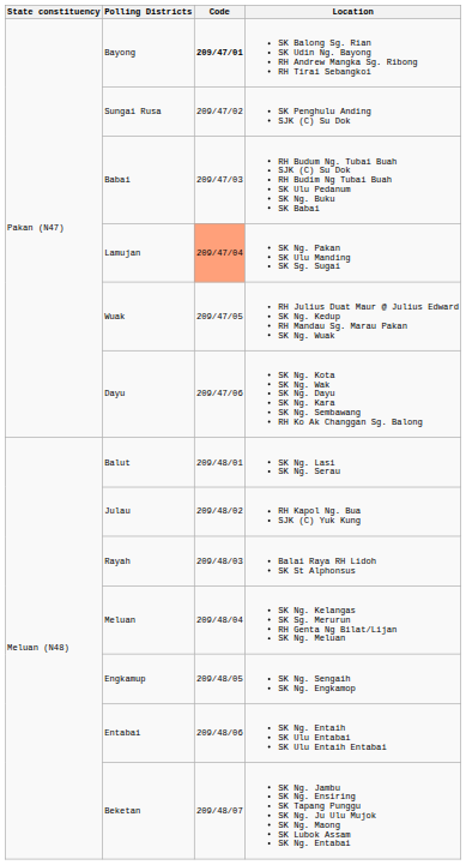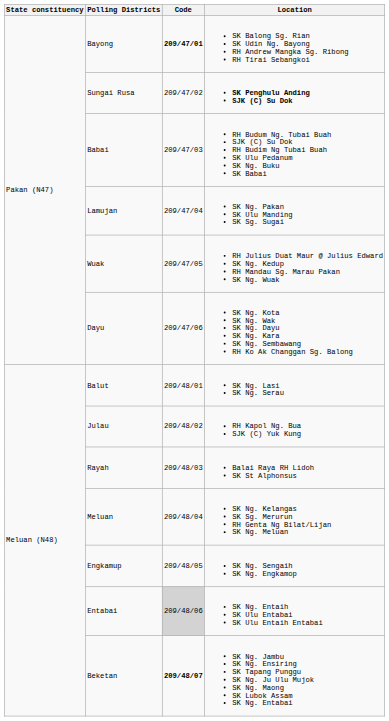 <table class="wikitable sortable mw-collapsible" style="white-space:nowrap;font-size:85%">
 <tr>
 <th>State constituency</th>
 <th>Polling Districts</th>
 <th>Code</th>
 <th>Location</th>
 </tr>
 <tr>
 <td rowspan="6">Pakan (N47)</td>
 <td>Bayong</td>
 <td><strong>209/47/01</strong></td>
 <td><br><ul><li>SK Balong Sg. Rian</li><li>SK Udin Ng. Bayong</li><li>RH Andrew Mangka Sg. Ribong</li><li>RH Tirai Sebangkoi</li></ul></td>
 </tr>
 <tr>
 <td>Sungai Rusa</td>
 <td>209/47/02</td>
-<td><br><ul><li>SK Penghulu Anding</li><li>SJK (C) Su Dok</li></ul></td>
+<td><strong><br><ul><li>SK Penghulu Anding</li><li>SJK (C) Su Dok</li></ul></strong></td>
 </tr>
 <tr>
 <td>Babai</td>
 <td>209/47/03</td>
 <td><br><ul><li>RH Budum Ng. Tubai Buah</li><li>SJK (C) Su Dok</li><li>RH Budim Ng Tubai Buah</li><li>SK Ulu Pedanum</li><li>SK Ng. Buku</li><li>SK Babai</li></ul></td>
 </tr>
 <tr>
 <td>Lamujan</td>
-<td style="background: lightsalmon;">209/47/04</td>
+<td>209/47/04</td>
 <td><br><ul><li>SK Ng. Pakan</li><li>SK Ulu Manding</li><li>SK Sg. Sugai</li></ul></td>
 </tr>
 <tr>
 <td>Wuak</td>
 <td>209/47/05</td>
 <td><br><ul><li>RH Julius Duat Maur @ Julius Edward</li><li>SK Ng. Kedup</li><li>RH Mandau Sg. Marau Pakan</li><li>SK Ng. Wuak</li></ul></td>
 </tr>
 <tr>
 <td>Dayu</td>
 <td>209/47/06</td>
 <td><br><ul><li>SK Ng. Kota</li><li>SK Ng. Wak</li><li>SK Ng. Dayu</li><li>SK Ng. Kara</li><li>SK Ng. Sembawang</li><li>RH Ko Ak Changgan Sg. Balong</li></ul></td>
 </tr>
 <tr>
 <td rowspan="7">Meluan (N48)</td>
 <td>Balut</td>
 <td>209/48/01</td>
 <td><br><ul><li>SK Ng. Lasi</li><li>SK Ng. Serau</li></ul></td>
 </tr>
 <tr>
 <td>Julau</td>
 <td>209/48/02</td>
 <td><br><ul><li>RH Kapol Ng. Bua</li><li>SJK (C) Yuk Kung</li></ul></td>
 </tr>
 <tr>
 <td>Rayah</td>
 <td>209/48/03</td>
 <td><br><ul><li>Balai Raya RH Lidoh</li><li>SK St Alphonsus</li></ul></td>
 </tr>
 <tr>
 <td>Meluan</td>
 <td>209/48/04</td>
 <td><br><ul><li>SK Ng. Kelangas</li><li>SK Sg. Merurun</li><li>RH Genta Ng Bilat/Lijan</li><li>SK Ng. Meluan</li></ul></td>
 </tr>
 <tr>
 <td>Engkamup</td>
 <td>209/48/05</td>
 <td><br><ul><li>SK Ng. Sengaih</li><li>SK Ng. Engkamop</li></ul></td>
 </tr>
 <tr>
 <td>Entabai</td>
-<td>209/48/06</td>
+<td style="background: lightgrey;">209/48/06</td>
 <td><br><ul><li>SK Ng. Entaih</li><li>SK Ulu Entabai</li><li>SK Ulu Entaih Entabai</li></ul></td>
 </tr>
 <tr>
 <td>Beketan</td>
-<td>209/48/07</td>
+<td><strong>209/48/07</strong></td>
 <td><br><ul><li>SK Ng. Jambu</li><li>SK Ng. Ensiring</li><li>SK Tapang Punggu</li><li>SK Ng. Ju Ulu Mujok</li><li>SK Ng. Maong</li><li>SK Lubok Assam</li><li>SK Ng. Entabai</li></ul></td>
 </tr>
 </table>
